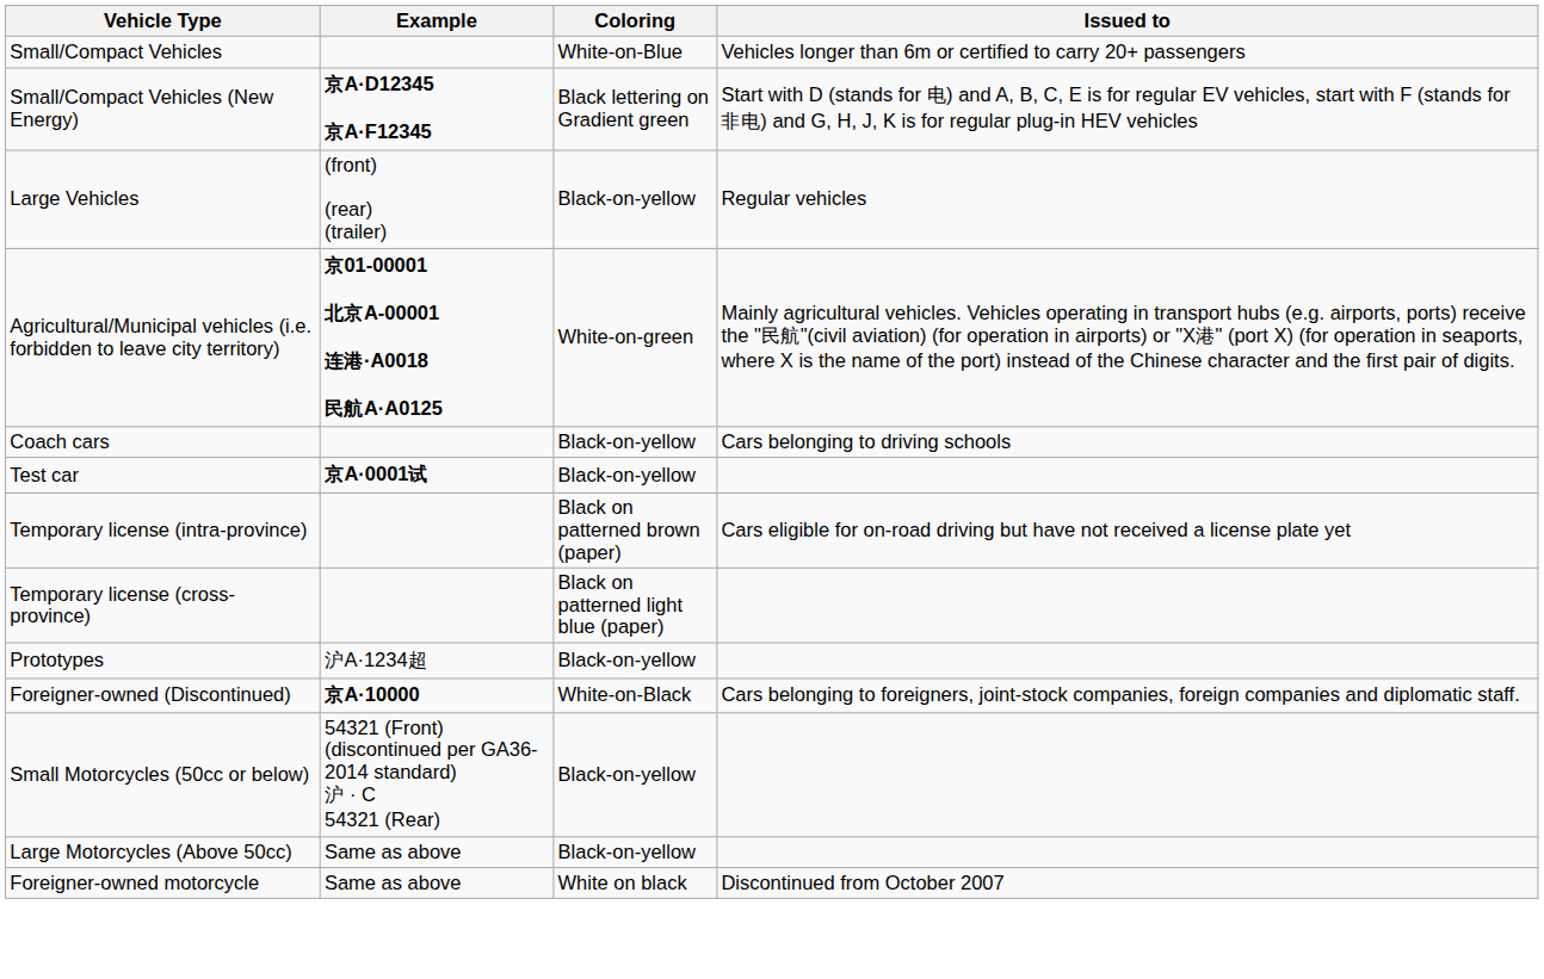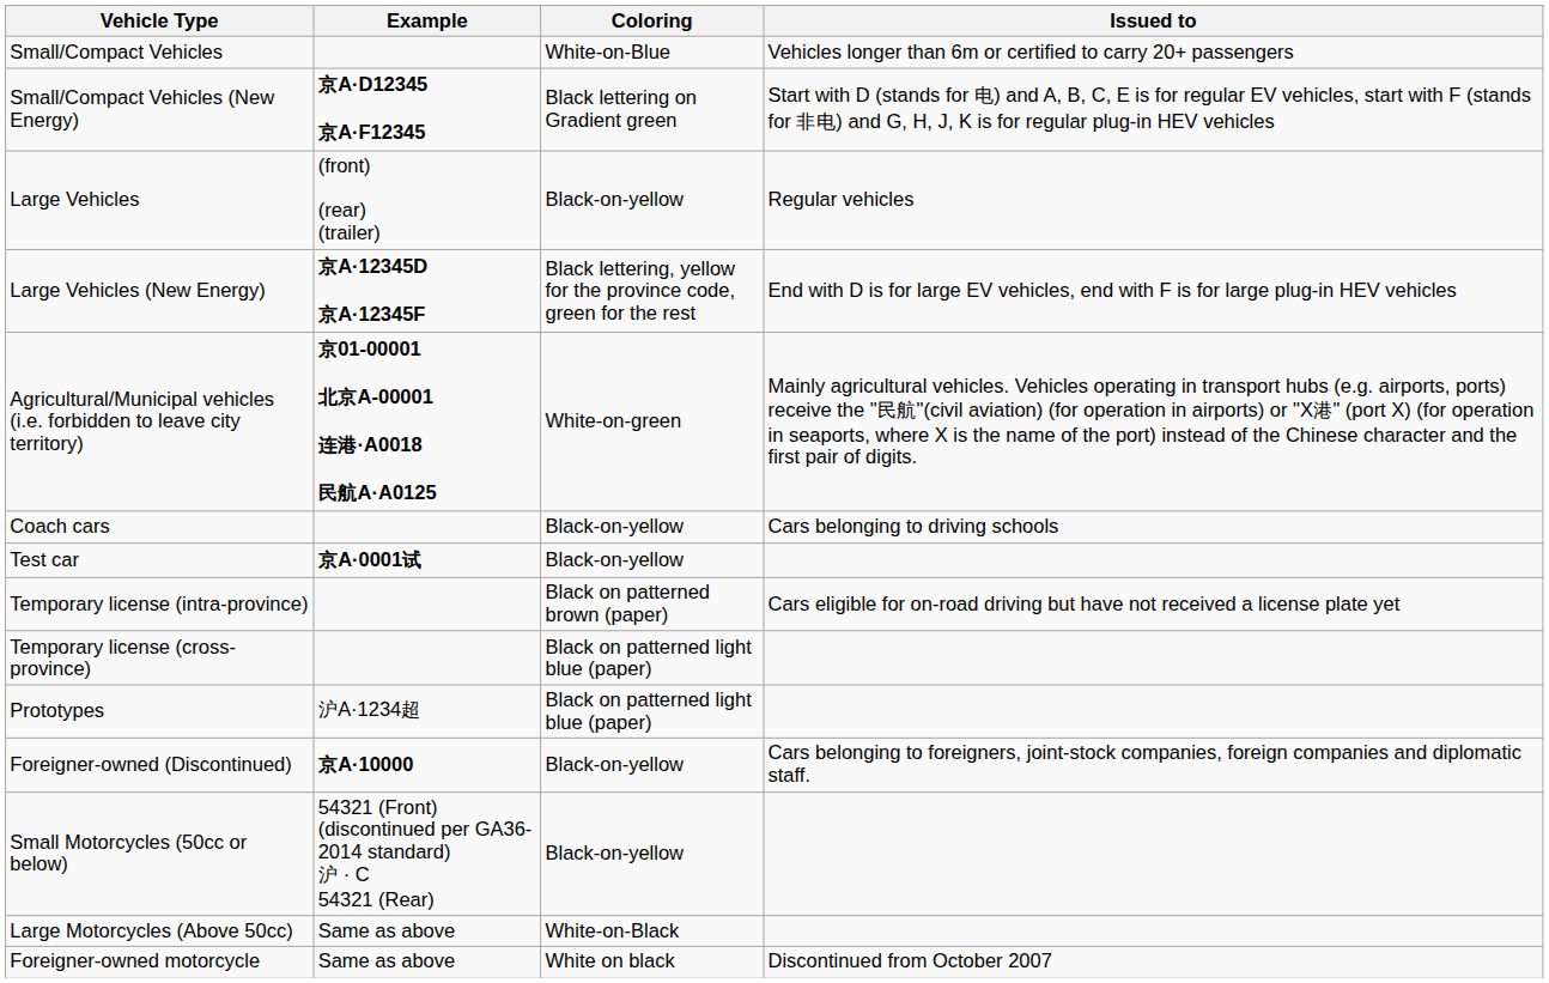 <table class="wikitable">
 <tr>
 <th>Vehicle Type</th>
 <th>Example</th>
 <th>Coloring</th>
 <th>Issued to</th>
 </tr>
 <tr>
 <td>Small/Compact Vehicles</td>
 <td></td>
 <td>White-on-Blue</td>
 <td>Vehicles longer than 6m or certified to carry 20+ passengers</td>
 </tr>
 <tr>
 <td>Small/Compact Vehicles (New Energy)</td>
 <td><span><strong>京A·D12345</strong></span><br><br><span><strong>京A·F12345</strong></span></td>
 <td>Black lettering on Gradient green</td>
 <td>Start with D (stands for 电) and A, B, C, E is for regular EV vehicles, start with F (stands for 非电) and G, H, J, K is for regular plug-in HEV vehicles</td>
 </tr>
 <tr>
 <td>Large Vehicles</td>
 <td> (front)<br><br> (rear)<br>  (trailer)</td>
 <td>Black-on-yellow</td>
 <td>Regular vehicles</td>
+</tr>
+<tr>
+<td>Large Vehicles (New Energy)</td>
+<td><span><strong>京A·<span>12345D</span></strong></span><br><br><span><strong>京A·<span>12345F</span></strong></span></td>
+<td>Black lettering, yellow for the province code, green for the rest</td>
+<td>End with D is for large EV vehicles, end with F is for large plug-in HEV vehicles</td>
 </tr>
 <tr>
 <td>Agricultural/Municipal vehicles (i.e. forbidden to leave city territory)</td>
 <td><span><strong>京01-00001</strong></span><br><br><span><strong>北京A-00001</strong></span><br><br><span><strong>连港·A0018</strong></span><br><br><span><strong>民航A·A0125</strong></span></td>
 <td>White-on-green</td>
 <td>Mainly agricultural vehicles. Vehicles operating in transport hubs (e.g. airports, ports) receive the "民航"(civil aviation) (for operation in airports) or "X港" (port X) (for operation in seaports, where X is the name of the port) instead of the Chinese character and the first pair of digits.</td>
 </tr>
 <tr>
 <td>Coach cars</td>
 <td></td>
 <td>Black-on-yellow</td>
 <td>Cars belonging to driving schools</td>
 </tr>
 <tr>
 <td>Test car</td>
 <td><span><strong>京A·0001试</strong></span><br></td>
 <td>Black-on-yellow</td>
 <td></td>
 </tr>
 <tr>
 <td>Temporary license (intra-province)</td>
 <td></td>
 <td>Black on patterned brown (paper)</td>
 <td>Cars eligible for on-road driving but have not received a license plate yet</td>
 </tr>
 <tr>
 <td>Temporary license (cross-province)</td>
 <td></td>
 <td>Black on patterned light blue (paper)</td>
 <td></td>
 </tr>
 <tr>
 <td>Prototypes</td>
 <td>沪A·1234超</td>
-<td>Black-on-yellow</td>
+<td>Black on patterned light blue (paper)</td>
 <td></td>
 </tr>
 <tr>
 <td>Foreigner-owned (Discontinued)</td>
 <td><span><strong>京A·10000</strong></span><br></td>
-<td>White-on-Black</td>
+<td>Black-on-yellow</td>
 <td>Cars belonging to foreigners, joint-stock companies, foreign companies and diplomatic staff.</td>
 </tr>
 <tr>
 <td>Small Motorcycles (50cc or below)</td>
 <td>54321 (Front) (discontinued per GA36-2014 standard)<br>沪 · C<br>54321 (Rear)</td>
 <td>Black-on-yellow</td>
 <td></td>
 </tr>
 <tr>
 <td>Large Motorcycles (Above 50cc)</td>
 <td>Same as above</td>
-<td>Black-on-yellow</td>
+<td>White-on-Black</td>
 <td></td>
 </tr>
 <tr>
 <td>Foreigner-owned motorcycle</td>
 <td>Same as above</td>
 <td>White on black</td>
 <td>Discontinued from October 2007</td>
 </tr>
 </table>
